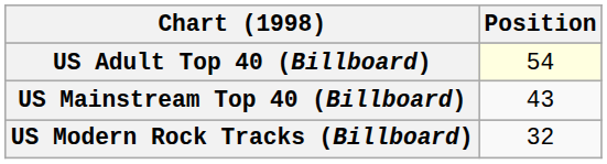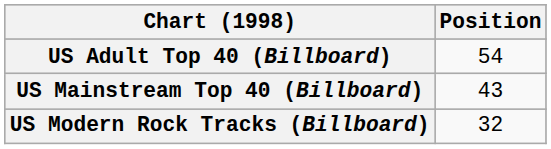 <table class="wikitable sortable plainrowheaders" style="text-align:center">
 <tr>
 <th>Chart (1998)</th>
 <th>Position</th>
 </tr>
 <tr>
 <th scope="row">US Adult Top 40 (<em>Billboard</em>)</th>
-<td style="background: lightyellow;">54</td>
+<td>54</td>
 </tr>
 <tr>
 <th scope="row">US Mainstream Top 40 (<em>Billboard</em>)</th>
 <td>43</td>
 </tr>
 <tr>
 <th scope="row">US Modern Rock Tracks (<em>Billboard</em>)</th>
 <td>32</td>
 </tr>
 </table>
